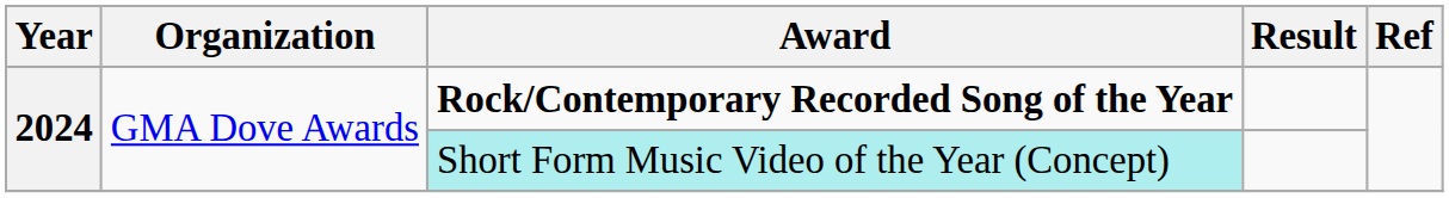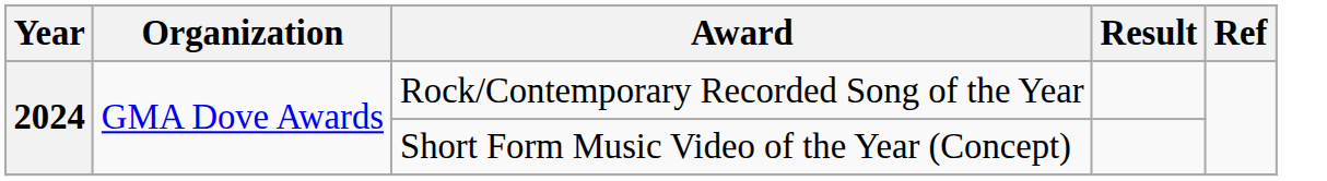 <table class="wikitable plainrowheaders">
 <tr>
 <th>Year</th>
 <th>Organization</th>
 <th>Award</th>
 <th>Result</th>
 <th style="text-align:center">Ref</th>
 </tr>
 <tr>
 <th scope="row" rowspan="2">2024</th>
 <td rowspan="2"><a href='#'>GMA Dove Awards</a></td>
-<td><strong>Rock/Contemporary Recorded Song of the Year</strong></td>
+<td>Rock/Contemporary Recorded Song of the Year</td>
 <td></td>
 <td rowspan="2"></td>
 </tr>
 <tr>
-<td style="background: paleturquoise;">Short Form Music Video of the Year (Concept)</td>
+<td>Short Form Music Video of the Year (Concept)</td>
 <td></td>
 </tr>
 <tr>
 </tr>
 </table>
